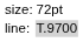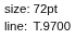 <table style="margin-left:40px;">
 <tr>
 <td>size:</td>
 <td>72pt</td>
 </tr>
 <tr>
 <td>line:</td>
-<td style="background: lightgrey;">T.9700</td>
+<td>T.9700</td>
 </tr>
 </table>
